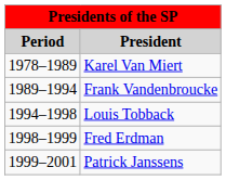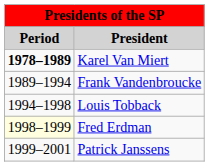 <table class="wikitable">
 <tr>
 <th style="background:red;" colspan="10"><span>Presidents of the SP</span></th>
 </tr>
 <tr>
 <th style="background:lightgray;"><span>Period</span></th>
 <th style="background:lightgray;"><span>President</span></th>
 </tr>
 <tr>
-<td>1978–1989</td>
+<td><strong>1978–1989</strong></td>
 <td><a href='#'>Karel Van Miert</a></td>
 </tr>
 <tr>
 <td>1989–1994</td>
 <td><a href='#'>Frank Vandenbroucke</a></td>
 </tr>
 <tr>
 <td>1994–1998</td>
 <td><a href='#'>Louis Tobback</a></td>
 </tr>
 <tr>
-<td>1998–1999</td>
+<td style="background: lightyellow;">1998–1999</td>
 <td><a href='#'>Fred Erdman</a></td>
 </tr>
 <tr>
 <td>1999–2001</td>
 <td><a href='#'>Patrick Janssens</a></td>
 </tr>
 </table>
